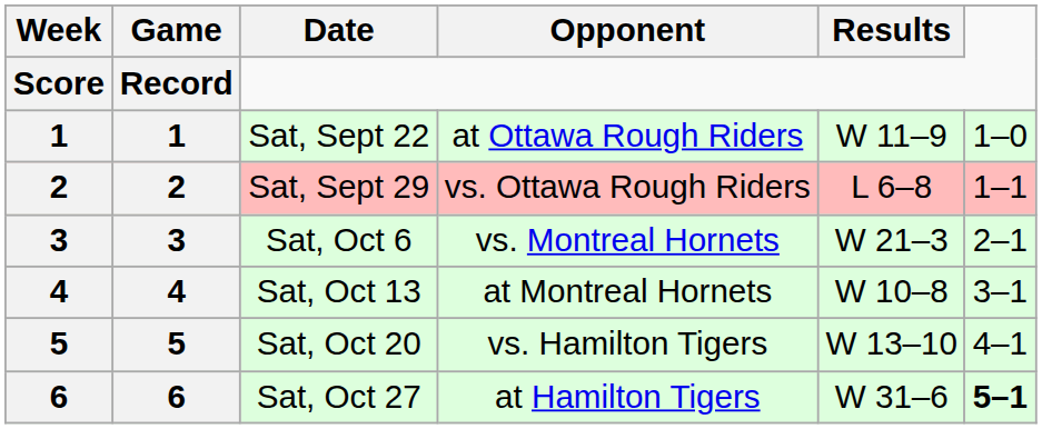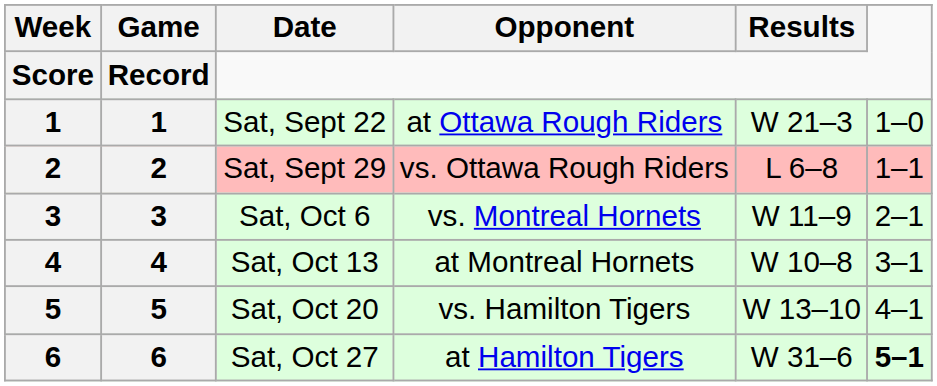 <table class="wikitable" style="text-align:center">
 <tr>
 <th>Week</th>
 <th>Game</th>
 <th>Date</th>
 <th>Opponent</th>
 <th>Results</th>
 </tr>
 <tr>
 <th>Score</th>
 <th>Record</th>
 </tr>
 <tr style="background:#ddffdd">
 <th>1</th>
 <th>1</th>
 <td>Sat, Sept 22</td>
 <td>at <a href='#'>Ottawa Rough Riders</a></td>
-<td>W 11–9</td>
+<td>W 21–3</td>
 <td>1–0</td>
 </tr>
 <tr style="background:#ffbbbb">
 <th>2</th>
 <th>2</th>
 <td>Sat, Sept 29</td>
 <td>vs. Ottawa Rough Riders</td>
 <td>L 6–8</td>
 <td>1–1</td>
 </tr>
 <tr style="background:#ddffdd">
 <th>3</th>
 <th>3</th>
 <td>Sat, Oct 6</td>
 <td>vs. <a href='#'>Montreal Hornets</a></td>
-<td>W 21–3</td>
+<td>W 11–9</td>
 <td>2–1</td>
 </tr>
 <tr style="background:#ddffdd">
 <th>4</th>
 <th>4</th>
 <td>Sat, Oct 13</td>
 <td>at Montreal Hornets</td>
 <td>W 10–8</td>
 <td>3–1</td>
 </tr>
 <tr style="background:#ddffdd">
 <th>5</th>
 <th>5</th>
 <td>Sat, Oct 20</td>
 <td>vs. Hamilton Tigers</td>
 <td>W 13–10</td>
 <td>4–1</td>
 </tr>
 <tr style="background:#ddffdd">
 <th>6</th>
 <th>6</th>
 <td>Sat, Oct 27</td>
 <td>at <a href='#'>Hamilton Tigers</a></td>
 <td>W 31–6</td>
 <td><strong>5–1</strong></td>
 </tr>
 </table>
